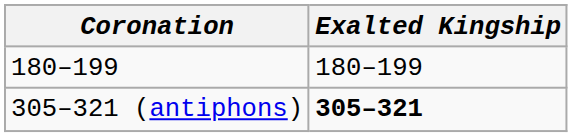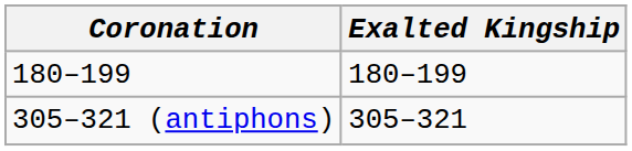 <table class="wikitable">
 <tr>
 <th><em>Coronation</em></th>
 <th><em>Exalted Kingship</em></th>
 </tr>
 <tr>
 <td>180–199</td>
 <td>180–199</td>
 </tr>
 <tr>
 <td>305–321 (<a href='#'>antiphons</a>)</td>
-<td><strong>305–321</strong></td>
+<td>305–321</td>
 </tr>
 </table>
